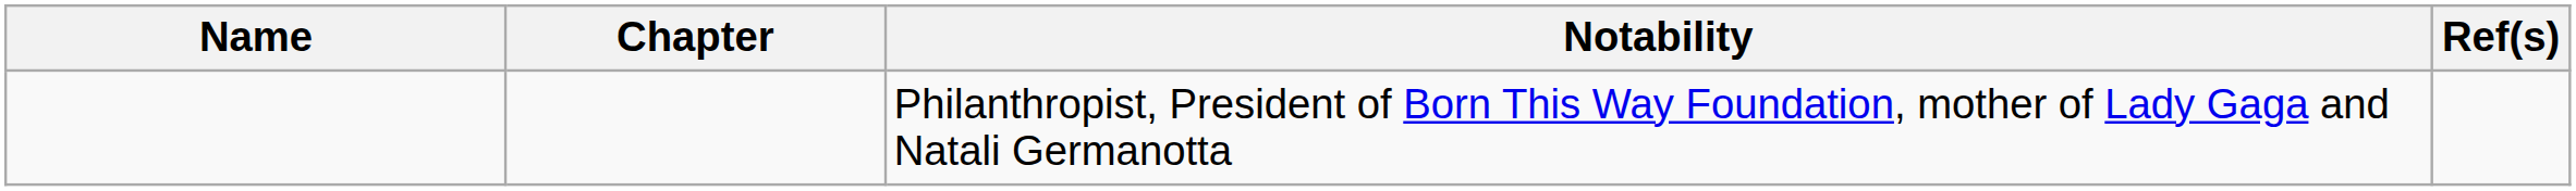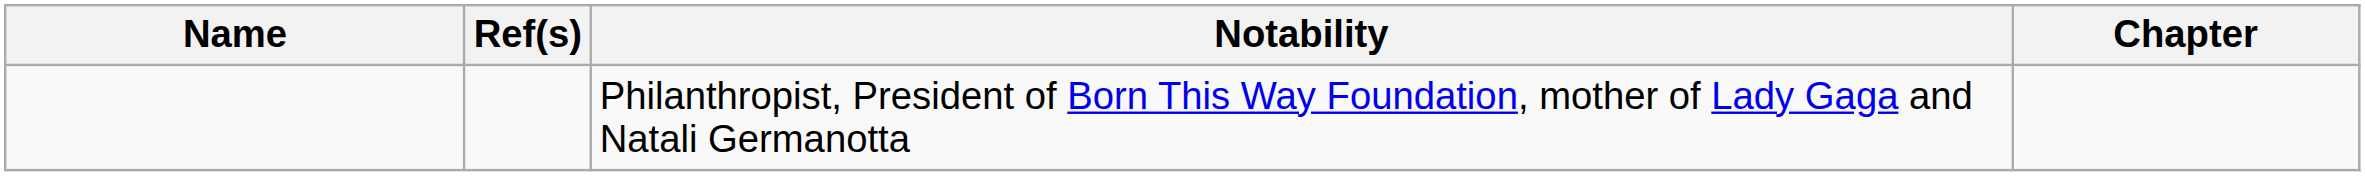 <table class="wikitable sortable" style="width:78%;">
 <tr valign="top">
 <th style="width:20%;">Name</th>
+<th style="width:3%;" class="unsortable">Ref(s)</th>
+<th style="width:62%;" class="unsortable">Notability</th>
 <th style="width:15%;">Chapter</th>
-<th style="width:62%;" class="unsortable">Notability</th>
-<th style="width:3%;" class="unsortable">Ref(s)</th>
 </tr>
 <tr valign="top">
 <td></td>
 <td></td>
 <td>Philanthropist, President of <a href='#'>Born This Way Foundation</a>, mother of <a href='#'>Lady Gaga</a> and Natali Germanotta</td>
 <td></td>
 </tr>
 </table>
